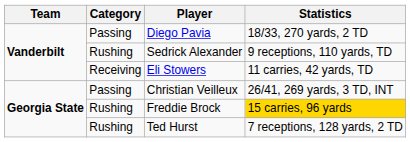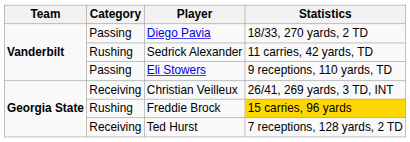 <table class="wikitable" style="float: right;">
 <tr>
 <th>Team</th>
 <th>Category</th>
 <th>Player</th>
 <th>Statistics</th>
 </tr>
 <tr>
 <td rowspan=3><strong>Vanderbilt</strong></td>
 <td>Passing</td>
 <td><a href='#'>Diego Pavia</a></td>
 <td>18/33, 270 yards, 2 TD</td>
 </tr>
 <tr>
 <td>Rushing</td>
 <td>Sedrick Alexander</td>
+<td>11 carries, 42 yards, TD</td>
+</tr>
+<tr>
+<td>Passing</td>
+<td><a href='#'>Eli Stowers</a></td>
 <td>9 receptions, 110 yards, TD</td>
 </tr>
 <tr>
+<td rowspan=3><strong>Georgia State</strong></td>
 <td>Receiving</td>
-<td><a href='#'>Eli Stowers</a></td>
-<td>11 carries, 42 yards, TD</td>
-</tr>
-<tr>
-<td rowspan=3><strong>Georgia State</strong></td>
-<td>Passing</td>
 <td>Christian Veilleux</td>
 <td>26/41, 269 yards, 3 TD, INT</td>
 </tr>
 <tr>
 <td>Rushing</td>
 <td>Freddie Brock</td>
 <td style="background: gold;">15 carries, 96 yards</td>
 </tr>
 <tr>
-<td>Rushing</td>
+<td>Receiving</td>
 <td>Ted Hurst</td>
 <td>7 receptions, 128 yards, 2 TD</td>
 </tr>
 </table>
